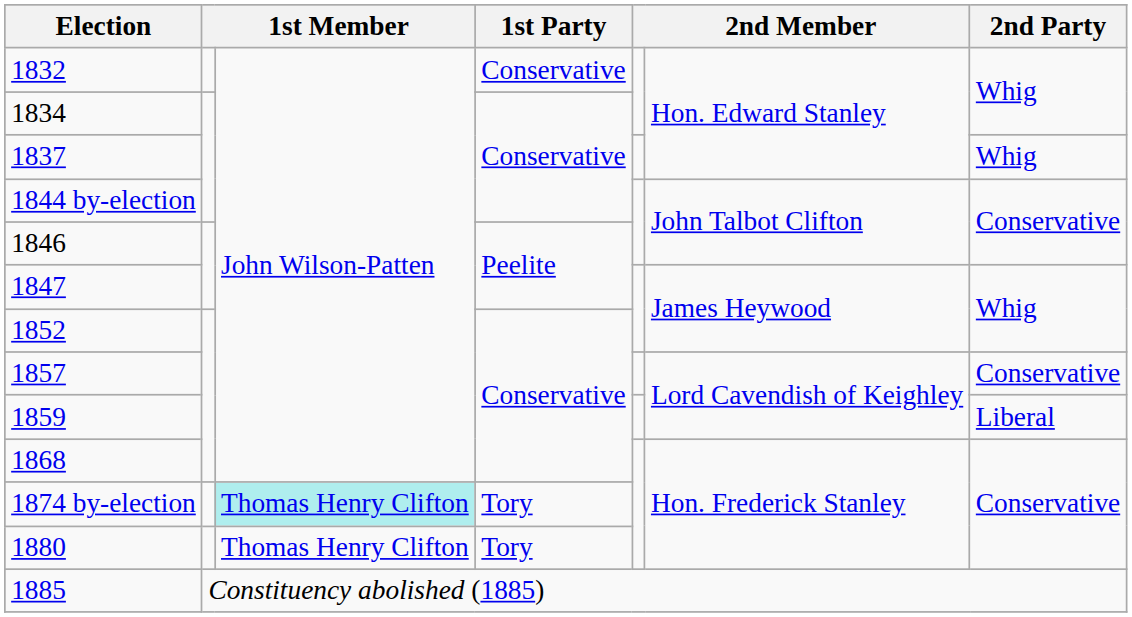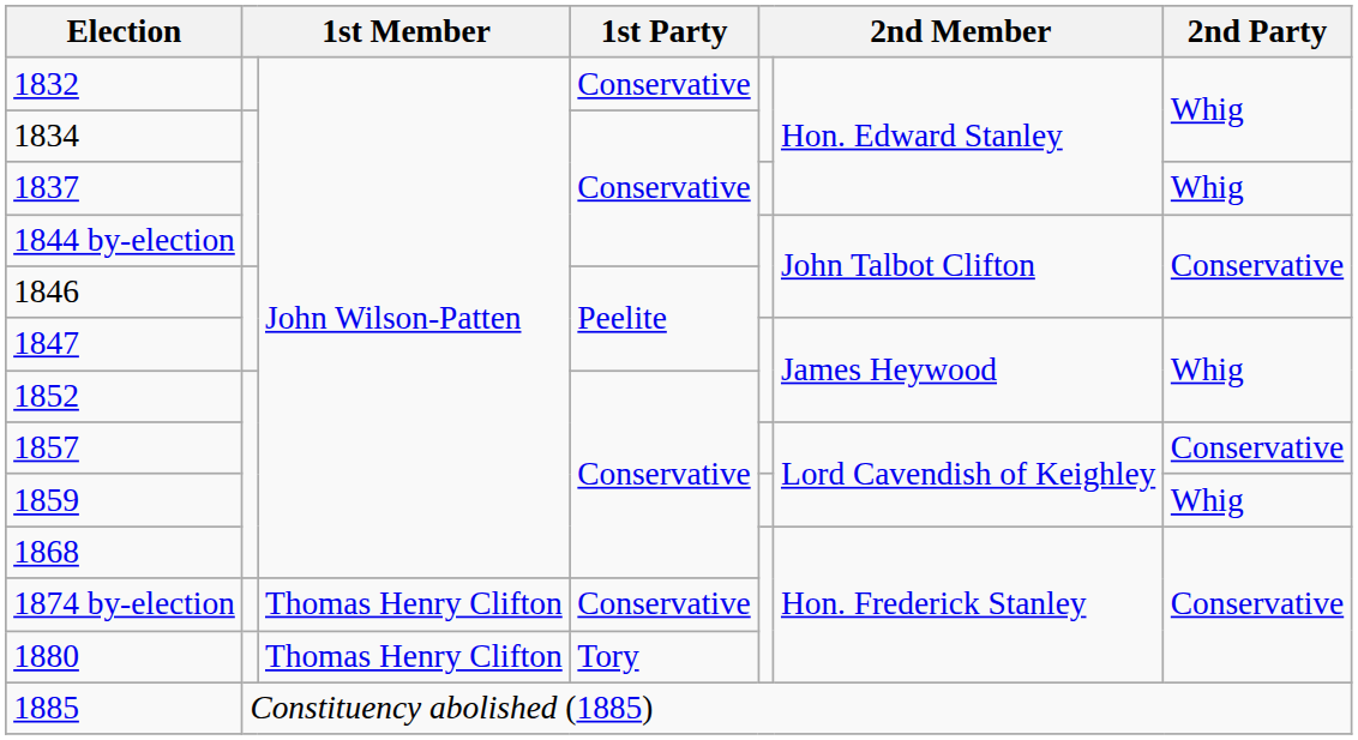 <table class="wikitable">
 <tr>
 <th>Election</th>
 <th colspan="2">1st Member</th>
 <th>1st Party</th>
 <th colspan="2">2nd Member</th>
 <th>2nd Party</th>
 </tr>
 <tr>
 <td><a href='#'>1832</a></td>
 <td style="color:inherit;background-color: "></td>
 <td rowspan="10"><a href='#'>John Wilson-Patten</a></td>
 <td><a href='#'>Conservative</a></td>
 <td rowspan="2" style="color:inherit;background-color: "></td>
 <td rowspan="3"><a href='#'>Hon. Edward Stanley</a></td>
 <td rowspan="2"><a href='#'>Whig</a></td>
 </tr>
 <tr>
 <td>1834</td>
 <td rowspan="3" style="color:inherit;background-color: "></td>
 <td rowspan="3"><a href='#'>Conservative</a></td>
 </tr>
 <tr>
 <td><a href='#'>1837</a></td>
 <td style="color:inherit;background-color: "></td>
 <td><a href='#'>Whig</a></td>
 </tr>
 <tr>
 <td><a href='#'>1844 by-election</a></td>
 <td rowspan="2" style="color:inherit;background-color: "></td>
 <td rowspan="2"><a href='#'>John Talbot Clifton</a></td>
 <td rowspan= "2"><a href='#'>Conservative</a></td>
 </tr>
 <tr>
 <td>1846</td>
 <td rowspan="2" style="color:inherit;background-color: "></td>
 <td rowspan="2"><a href='#'>Peelite</a></td>
 </tr>
 <tr>
 <td><a href='#'>1847</a></td>
 <td rowspan="2" style="color:inherit;background-color: "></td>
 <td rowspan="2"><a href='#'>James Heywood</a></td>
 <td rowspan="2"><a href='#'>Whig</a></td>
 </tr>
 <tr>
 <td><a href='#'>1852</a></td>
 <td rowspan="4" style="color:inherit;background-color: "></td>
 <td rowspan="4"><a href='#'>Conservative</a></td>
 </tr>
 <tr>
 <td><a href='#'>1857</a></td>
 <td style="color:inherit;background-color: "></td>
 <td rowspan="2"><a href='#'>Lord Cavendish of Keighley</a></td>
 <td><a href='#'>Conservative</a></td>
 </tr>
 <tr>
 <td><a href='#'>1859</a></td>
 <td style="color:inherit;background-color: "></td>
-<td><a href='#'>Liberal</a></td>
+<td><a href='#'>Whig</a></td>
 </tr>
 <tr>
 <td><a href='#'>1868</a></td>
 <td rowspan="3" style="color:inherit;background-color: "></td>
 <td rowspan="3"><a href='#'>Hon. Frederick Stanley</a></td>
 <td rowspan="3"><a href='#'>Conservative</a></td>
 </tr>
 <tr>
 <td><a href='#'>1874 by-election</a></td>
 <td style="color:inherit;background-color: "></td>
-<td style="background: paleturquoise;"><a href='#'>Thomas Henry Clifton</a></td>
-<td><a href='#'>Tory</a></td>
+<td><a href='#'>Thomas Henry Clifton</a></td>
+<td><a href='#'>Conservative</a></td>
 </tr>
 <tr>
 <td><a href='#'>1880</a></td>
 <td style="color:inherit;background-color: "></td>
 <td><a href='#'>Thomas Henry Clifton</a></td>
 <td><a href='#'>Tory</a></td>
 </tr>
 <tr>
 <td><a href='#'>1885</a></td>
 <td colspan="6"><em>Constituency abolished</em> (<a href='#'>1885</a>)</td>
 </tr>
 </table>
